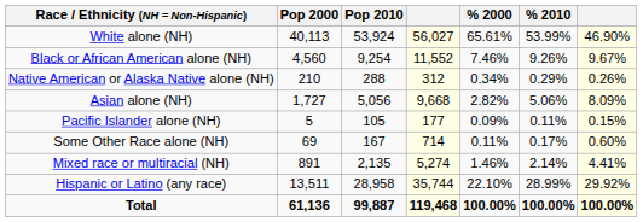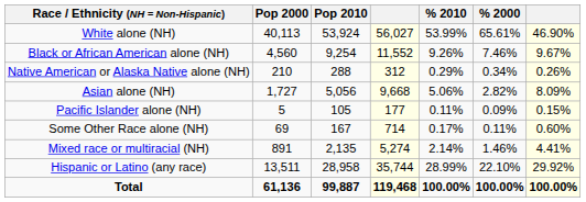 <table class="wikitable" style="text-align:center;">
 <tr>
 <th>Race / Ethnicity <small>(<em>NH = Non-Hispanic</em>)</small></th>
 <th>Pop 2000</th>
 <th>Pop 2010</th>
 <th></th>
+<th>% 2010</th>
 <th>% 2000</th>
-<th>% 2010</th>
 <th></th>
 </tr>
 <tr>
 <td><a href='#'>White</a> alone (NH)</td>
 <td>40,113</td>
 <td>53,924</td>
 <td style='background: #ffffe6;'>56,027</td>
+<td>53.99%</td>
 <td>65.61%</td>
-<td>53.99%</td>
 <td style='background: #ffffe6;'>46.90%</td>
 </tr>
 <tr>
 <td><a href='#'>Black or African American</a> alone (NH)</td>
 <td>4,560</td>
 <td>9,254</td>
 <td style='background: #ffffe6;'>11,552</td>
+<td>9.26%</td>
 <td>7.46%</td>
-<td>9.26%</td>
 <td style='background: #ffffe6;'>9.67%</td>
 </tr>
 <tr>
 <td><a href='#'>Native American</a> or <a href='#'>Alaska Native</a> alone (NH)</td>
 <td>210</td>
 <td>288</td>
 <td style='background: #ffffe6;'>312</td>
+<td>0.29%</td>
 <td>0.34%</td>
-<td>0.29%</td>
 <td style='background: #ffffe6;'>0.26%</td>
 </tr>
 <tr>
 <td><a href='#'>Asian</a> alone (NH)</td>
 <td>1,727</td>
 <td>5,056</td>
 <td style='background: #ffffe6;'>9,668</td>
+<td>5.06%</td>
 <td>2.82%</td>
-<td>5.06%</td>
 <td style='background: #ffffe6;'>8.09%</td>
 </tr>
 <tr>
 <td><a href='#'>Pacific Islander</a> alone (NH)</td>
 <td>5</td>
 <td>105</td>
 <td style='background: #ffffe6;'>177</td>
+<td>0.11%</td>
 <td>0.09%</td>
-<td>0.11%</td>
 <td style='background: #ffffe6;'>0.15%</td>
 </tr>
 <tr>
 <td>Some Other Race alone (NH)</td>
 <td>69</td>
 <td>167</td>
 <td style='background: #ffffe6;'>714</td>
+<td>0.17%</td>
 <td>0.11%</td>
-<td>0.17%</td>
 <td style='background: #ffffe6;'>0.60%</td>
 </tr>
 <tr>
 <td><a href='#'>Mixed race or multiracial</a> (NH)</td>
 <td>891</td>
 <td>2,135</td>
 <td style='background: #ffffe6;'>5,274</td>
+<td>2.14%</td>
 <td>1.46%</td>
-<td>2.14%</td>
 <td style='background: #ffffe6;'>4.41%</td>
 </tr>
 <tr>
 <td><a href='#'>Hispanic or Latino</a> (any race)</td>
 <td>13,511</td>
 <td>28,958</td>
 <td style='background: #ffffe6;'>35,744</td>
+<td>28.99%</td>
 <td>22.10%</td>
-<td>28.99%</td>
 <td style='background: #ffffe6;'>29.92%</td>
 </tr>
 <tr>
 <td><strong>Total</strong></td>
 <td><strong>61,136</strong></td>
 <td><strong>99,887</strong></td>
 <td style='background: #ffffe6;'><strong>119,468</strong></td>
 <td><strong>100.00%</strong></td>
 <td><strong>100.00%</strong></td>
 <td style='background: #ffffe6;'><strong>100.00%</strong></td>
 </tr>
 </table>
